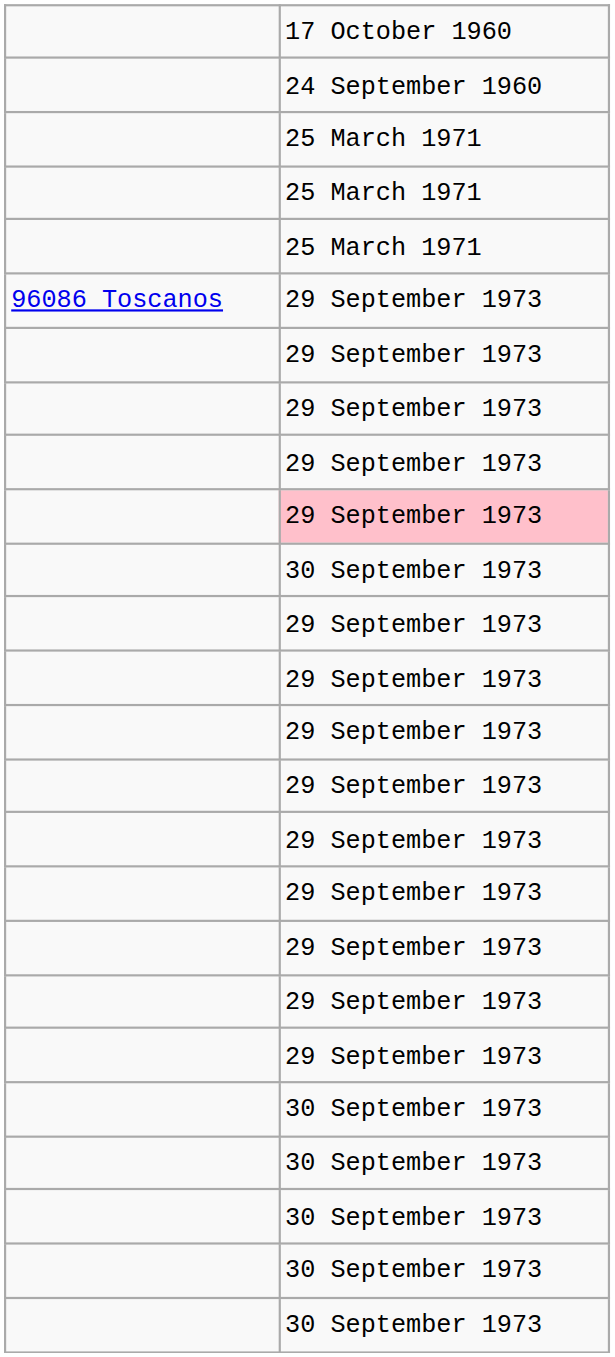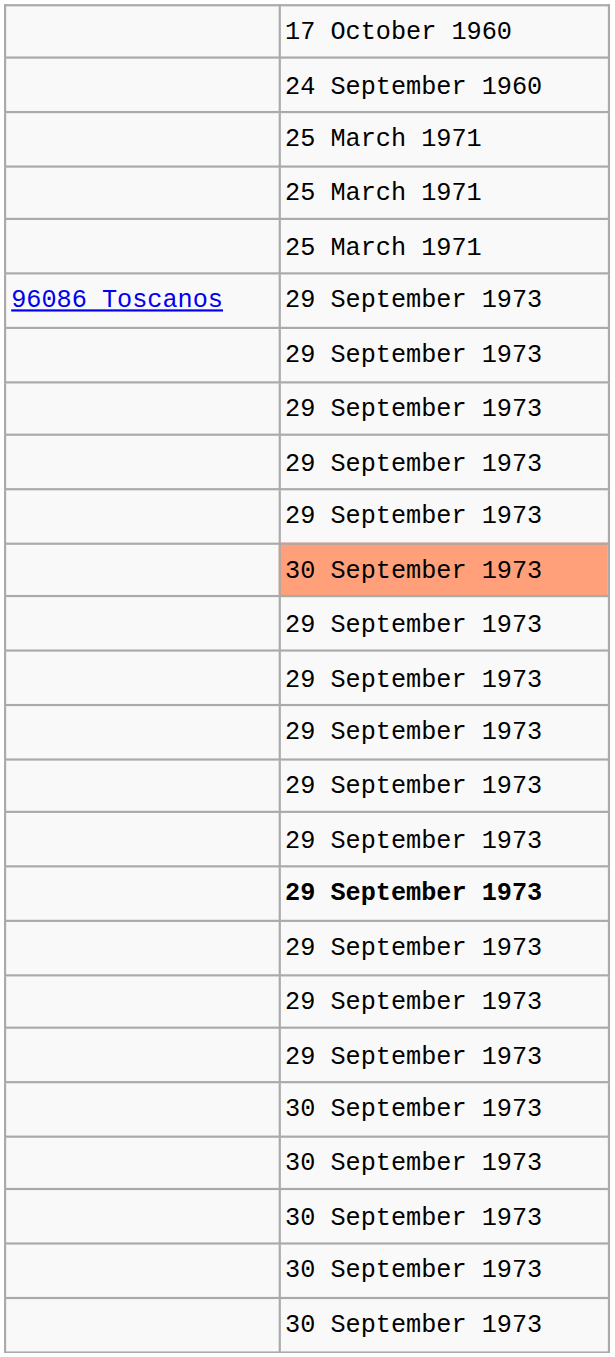 <table class="wikitable" style="font-size: 89%; float: left; width: 24em; margin-right: 1em; line-height: 1.65em">
 <tr>
 <td></td>
 <td>17 October 1960</td>
 </tr>
 <tr>
 <td></td>
 <td>24 September 1960</td>
 </tr>
 <tr>
 <td></td>
 <td>25 March 1971</td>
 </tr>
 <tr>
 <td></td>
 <td>25 March 1971</td>
 </tr>
 <tr>
 <td></td>
 <td>25 March 1971</td>
 </tr>
 <tr>
 <td><a href='#'>96086 Toscanos</a></td>
 <td>29 September 1973</td>
 </tr>
 <tr>
 <td></td>
 <td>29 September 1973</td>
 </tr>
 <tr>
 <td></td>
 <td>29 September 1973</td>
 </tr>
 <tr>
 <td></td>
 <td>29 September 1973</td>
 </tr>
 <tr>
 <td></td>
-<td style="background: pink;">29 September 1973</td>
+<td>29 September 1973</td>
 </tr>
 <tr>
 <td></td>
-<td>30 September 1973</td>
+<td style="background: lightsalmon;">30 September 1973</td>
 </tr>
 <tr>
 <td></td>
 <td>29 September 1973</td>
 </tr>
 <tr>
 <td></td>
 <td>29 September 1973</td>
 </tr>
 <tr>
 <td></td>
 <td>29 September 1973</td>
 </tr>
 <tr>
 <td></td>
 <td>29 September 1973</td>
 </tr>
 <tr>
 <td></td>
 <td>29 September 1973</td>
 </tr>
 <tr>
 <td></td>
-<td>29 September 1973</td>
+<td><strong>29 September 1973</strong></td>
 </tr>
 <tr>
 <td></td>
 <td>29 September 1973</td>
 </tr>
 <tr>
 <td></td>
 <td>29 September 1973</td>
 </tr>
 <tr>
 <td></td>
 <td>29 September 1973</td>
 </tr>
 <tr>
 <td></td>
 <td>30 September 1973</td>
 </tr>
 <tr>
 <td></td>
 <td>30 September 1973</td>
 </tr>
 <tr>
 <td></td>
 <td>30 September 1973</td>
 </tr>
 <tr>
 <td></td>
 <td>30 September 1973</td>
 </tr>
 <tr>
 <td></td>
 <td>30 September 1973</td>
 </tr>
 </table>
